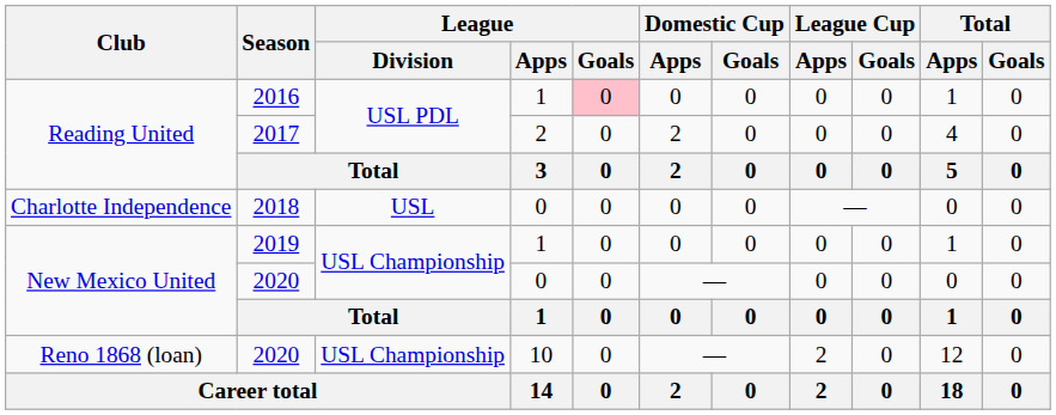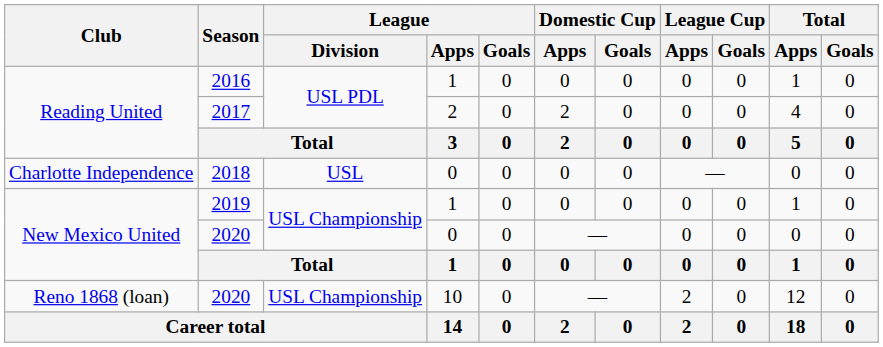 <table class="wikitable" style="text-align:center;">
 <tr>
 <th rowspan="2">Club</th>
 <th rowspan="2">Season</th>
 <th colspan="3">League</th>
 <th colspan="2">Domestic Cup</th>
 <th colspan="2">League Cup</th>
 <th colspan="2">Total</th>
 </tr>
 <tr>
 <th>Division</th>
 <th>Apps</th>
 <th>Goals</th>
 <th>Apps</th>
 <th>Goals</th>
 <th>Apps</th>
 <th>Goals</th>
 <th>Apps</th>
 <th>Goals</th>
 </tr>
 <tr>
 <td rowspan="3"><a href='#'>Reading United</a></td>
 <td><a href='#'>2016</a></td>
 <td rowspan="2"><a href='#'>USL PDL</a></td>
 <td>1</td>
-<td style="background: pink;">0</td>
+<td>0</td>
 <td>0</td>
 <td>0</td>
 <td>0</td>
 <td>0</td>
 <td>1</td>
 <td>0</td>
 </tr>
 <tr>
 <td><a href='#'>2017</a></td>
 <td>2</td>
 <td>0</td>
 <td>2</td>
 <td>0</td>
 <td>0</td>
 <td>0</td>
 <td>4</td>
 <td>0</td>
 </tr>
 <tr>
 <th colspan="2">Total</th>
 <th>3</th>
 <th>0</th>
 <th>2</th>
 <th>0</th>
 <th>0</th>
 <th>0</th>
 <th>5</th>
 <th>0</th>
 </tr>
 <tr>
 <td><a href='#'>Charlotte Independence</a></td>
 <td><a href='#'>2018</a></td>
 <td><a href='#'>USL</a></td>
 <td>0</td>
 <td>0</td>
 <td>0</td>
 <td>0</td>
 <td colspan="2">—</td>
 <td>0</td>
 <td>0</td>
 </tr>
 <tr>
 <td rowspan="3"><a href='#'>New Mexico United</a></td>
 <td><a href='#'>2019</a></td>
 <td rowspan="2"><a href='#'>USL Championship</a></td>
 <td>1</td>
 <td>0</td>
 <td>0</td>
 <td>0</td>
 <td>0</td>
 <td>0</td>
 <td>1</td>
 <td>0</td>
 </tr>
 <tr>
 <td><a href='#'>2020</a></td>
 <td>0</td>
 <td>0</td>
 <td colspan="2">—</td>
 <td>0</td>
 <td>0</td>
 <td>0</td>
 <td>0</td>
 </tr>
 <tr>
 <th colspan="2">Total</th>
 <th>1</th>
 <th>0</th>
 <th>0</th>
 <th>0</th>
 <th>0</th>
 <th>0</th>
 <th>1</th>
 <th>0</th>
 </tr>
 <tr>
 <td><a href='#'>Reno 1868</a> (loan)</td>
 <td><a href='#'>2020</a></td>
 <td><a href='#'>USL Championship</a></td>
 <td>10</td>
 <td>0</td>
 <td colspan="2">—</td>
 <td>2</td>
 <td>0</td>
 <td>12</td>
 <td>0</td>
 </tr>
 <tr>
 <th colspan="3">Career total</th>
 <th>14</th>
 <th>0</th>
 <th>2</th>
 <th>0</th>
 <th>2</th>
 <th>0</th>
 <th>18</th>
 <th>0</th>
 </tr>
 </table>
